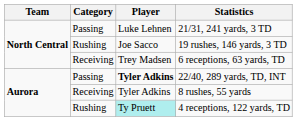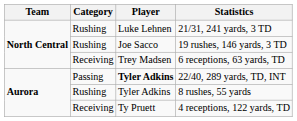 <table class="wikitable" style="float: left;">
 <tr>
 <th>Team</th>
 <th>Category</th>
 <th>Player</th>
 <th>Statistics</th>
 </tr>
 <tr>
 <td rowspan=3><strong>North Central</strong></td>
-<td>Passing</td>
+<td>Rushing</td>
 <td>Luke Lehnen</td>
 <td>21/31, 241 yards, 3 TD</td>
 </tr>
 <tr>
 <td>Rushing</td>
 <td>Joe Sacco</td>
 <td>19 rushes, 146 yards, 3 TD</td>
 </tr>
 <tr>
 <td>Receiving</td>
 <td>Trey Madsen</td>
 <td>6 receptions, 63 yards, TD</td>
 </tr>
 <tr>
 <td rowspan=3><strong>Aurora</strong></td>
 <td>Passing</td>
 <td><strong>Tyler Adkins</strong></td>
 <td>22/40, 289 yards, TD, INT</td>
 </tr>
 <tr>
-<td>Receiving</td>
+<td>Rushing</td>
 <td>Tyler Adkins</td>
 <td>8 rushes, 55 yards</td>
 </tr>
 <tr>
-<td>Rushing</td>
-<td style="background: paleturquoise;">Ty Pruett</td>
+<td>Receiving</td>
+<td>Ty Pruett</td>
 <td>4 receptions, 122 yards, TD</td>
 </tr>
 </table>
